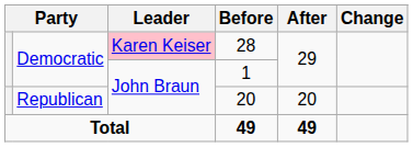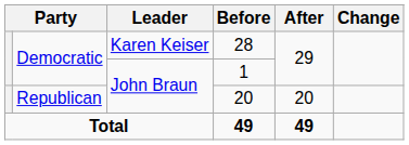 <table class="wikitable" style="text-align:center;">
 <tr>
 </tr>
 <tr>
 <th colspan=2>Party</th>
 <th>Leader</th>
 <th style="width:3em">Before</th>
 <th style="width:3em">After</th>
 <th style="width:3em">Change</th>
 </tr>
 <tr>
 <th rowspan=2 style="background-color:"></th>
 <td rowspan=2 style="text-align:left;"><a href='#'>Democratic</a></td>
-<td style="background: pink; text-align:left;"><a href='#'>Karen Keiser</a></td>
+<td style="text-align:left;"><a href='#'>Karen Keiser</a></td>
 <td>28</td>
 <td rowspan=2 >29</td>
 <td rowspan=2></td>
 </tr>
 <tr>
 <td rowspan=2 style="text-align:left;"><a href='#'>John Braun</a></td>
 <td>1</td>
 </tr>
 <tr>
 <th style="background-color:"></th>
 <td style="text-align:left;"><a href='#'>Republican</a></td>
 <td>20</td>
 <td>20</td>
 <td></td>
 </tr>
 <tr>
 <td colspan=3><strong>Total</strong></td>
 <td><strong>49</strong></td>
 <td><strong>49</strong></td>
 <td></td>
 </tr>
 </table>
